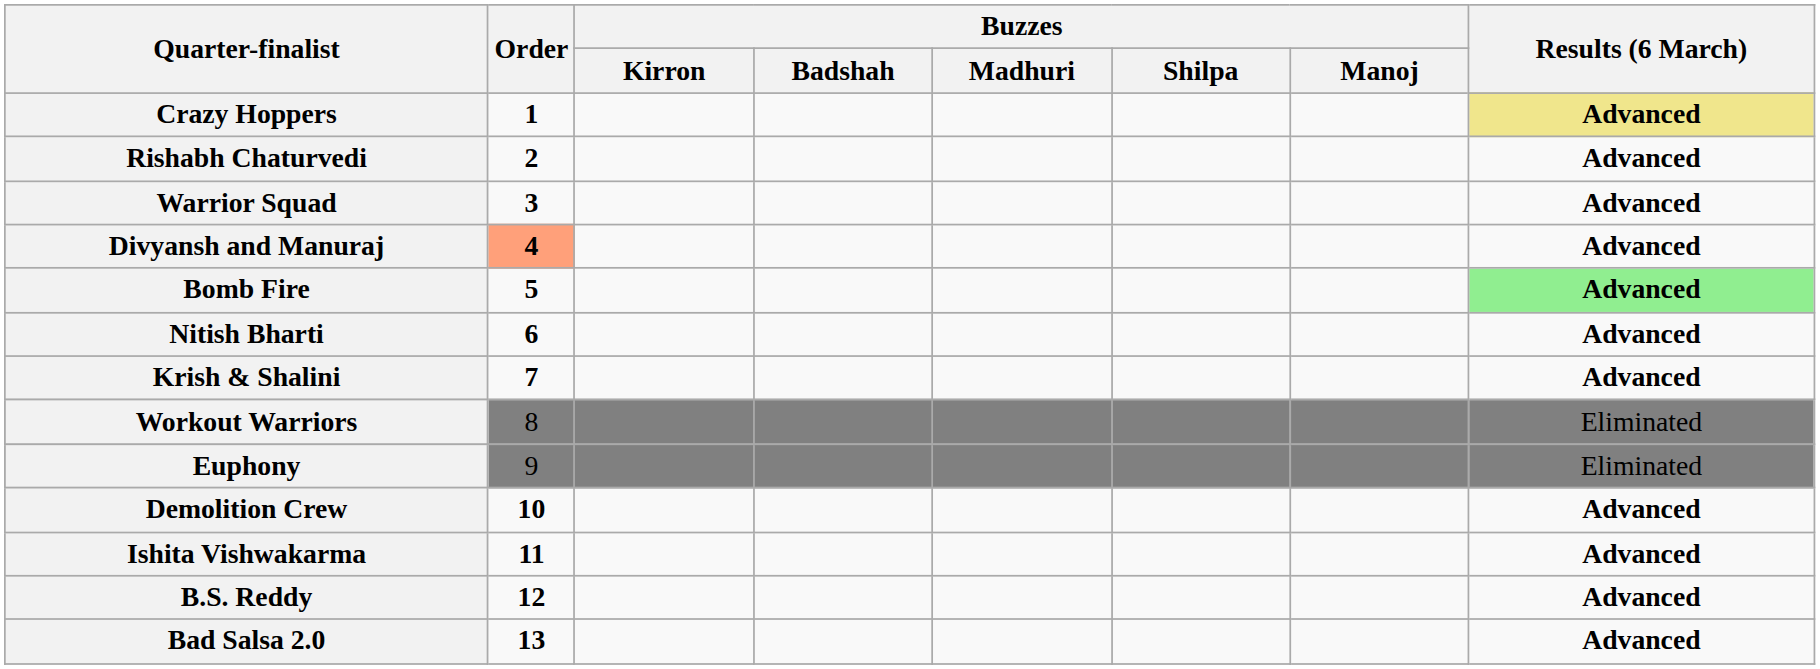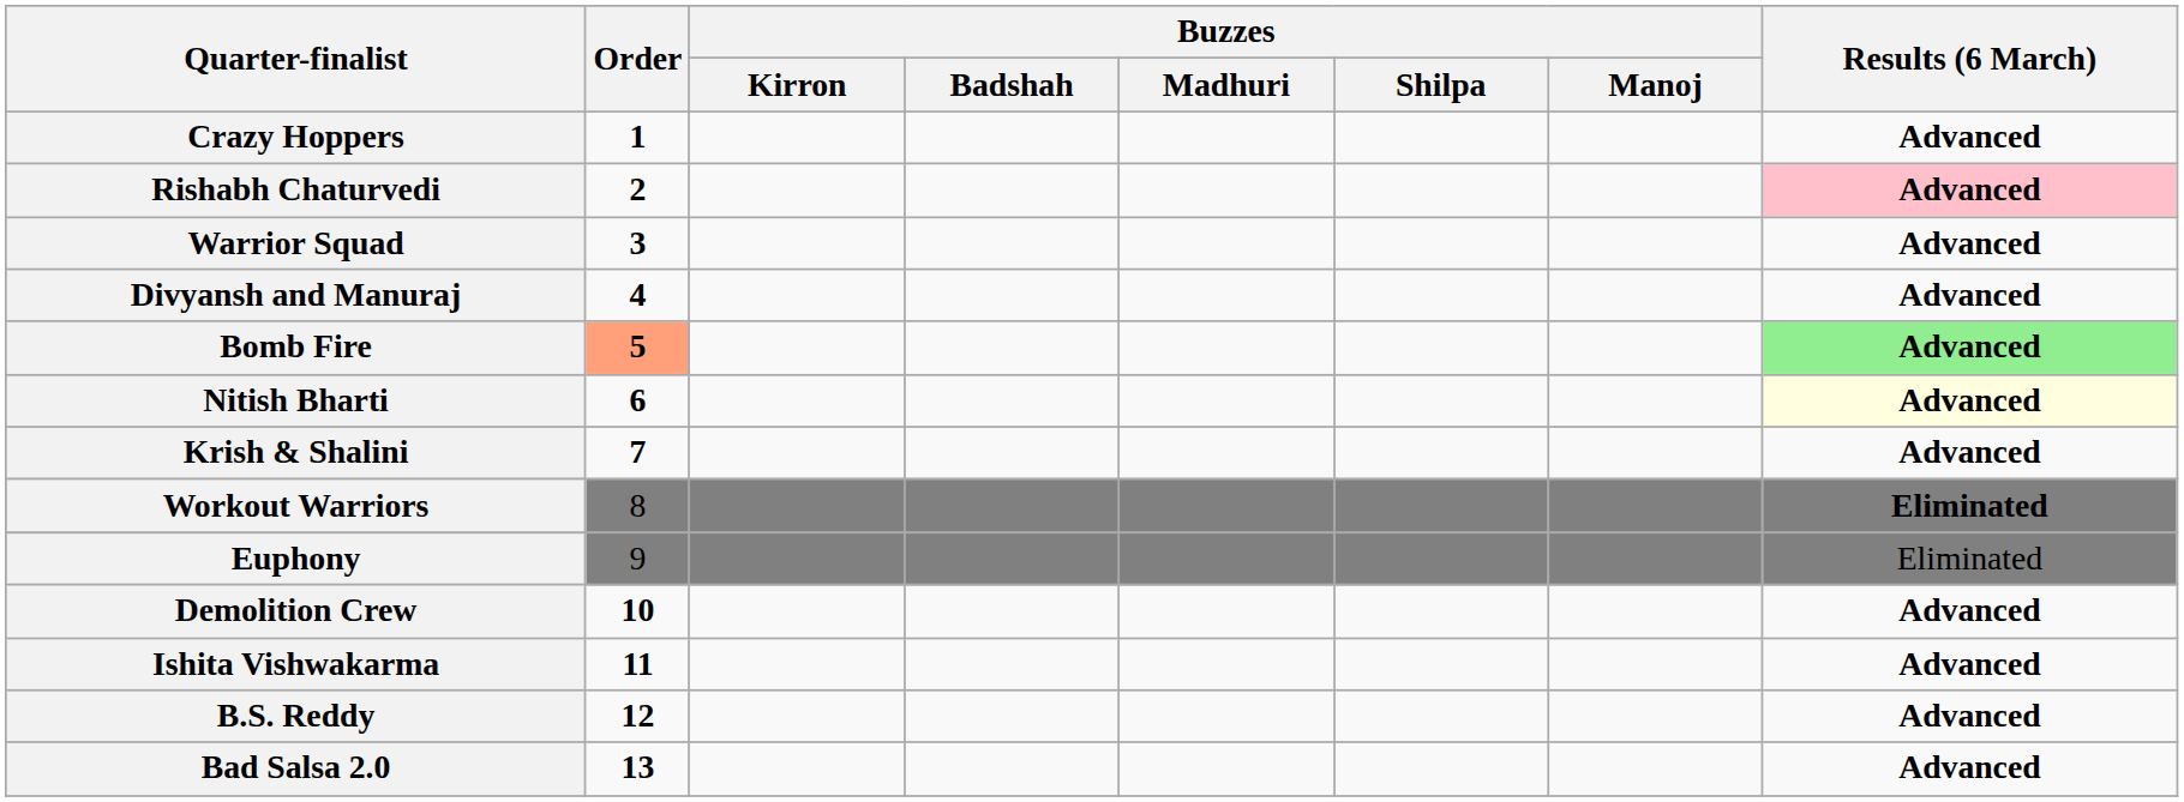 <table class="wikitable plainrowheaders sortable" style="text-align:center;">
 <tr>
 <th rowspan="2" class="unsortable" scope="col" style="width:17em;">Quarter-finalist</th>
 <th rowspan="2" scope="col" style="width:1em;">Order</th>
 <th colspan="5" class="unsortable" scope="col" style="width:24em;"><strong>Buzzes</strong></th>
 <th rowspan="2" class="sortable" scope="col" style="width:12em;">Results (6 March)</th>
 </tr>
 <tr>
 <th scope="col" class="unsortable" style="width:6em;">Kirron</th>
 <th scope="col" class="unsortable" style="width:6em;">Badshah</th>
 <th scope="col" class="unsortable" style="width:6em;">Madhuri</th>
 <th scope="col" class="unsortable" style="width:6em;">Shilpa</th>
 <th scope="col" class="unsortable" style="width:6em;">Manoj</th>
 </tr>
 <tr>
 <th scope="row"><strong>Crazy Hoppers</strong></th>
 <td><strong>1</strong></td>
 <td></td>
 <td></td>
 <td></td>
 <td></td>
 <td></td>
-<td style="background: khaki;"><strong>Advanced</strong></td>
+<td><strong>Advanced</strong></td>
 </tr>
 <tr>
 <th scope="row"><strong>Rishabh Chaturvedi</strong></th>
 <td><strong>2</strong></td>
 <td></td>
 <td></td>
 <td></td>
 <td></td>
 <td></td>
-<td><strong>Advanced</strong></td>
+<td style="background: pink;"><strong>Advanced</strong></td>
 </tr>
 <tr>
 <th scope="row"><strong>Warrior Squad</strong></th>
 <td><strong>3</strong></td>
 <td></td>
 <td></td>
 <td></td>
 <td></td>
 <td></td>
 <td><strong>Advanced</strong></td>
 </tr>
 <tr>
 <th scope="row"><strong>Divyansh and Manuraj</strong></th>
-<td style="background: lightsalmon;"><strong>4</strong></td>
+<td><strong>4</strong></td>
 <td></td>
 <td></td>
 <td></td>
 <td></td>
 <td></td>
 <td><strong>Advanced</strong></td>
 </tr>
 <tr>
 <th scope="row"><strong>Bomb Fire</strong></th>
-<td><strong>5</strong></td>
+<td style="background: lightsalmon;"><strong>5</strong></td>
 <td></td>
 <td></td>
 <td></td>
 <td></td>
 <td></td>
 <td style="background: lightgreen;"><strong>Advanced</strong></td>
 </tr>
 <tr>
 <th scope="row"><strong>Nitish Bharti</strong></th>
 <td><strong>6</strong></td>
 <td></td>
 <td></td>
 <td></td>
 <td></td>
 <td></td>
-<td><strong>Advanced</strong></td>
+<td style="background: lightyellow;"><strong>Advanced</strong></td>
 </tr>
 <tr>
 <th scope="row">Krish & Shalini </th>
 <td><strong>7</strong></td>
 <td></td>
 <td></td>
 <td></td>
 <td></td>
 <td></td>
 <td><strong>Advanced</strong></td>
 </tr>
 <tr style="background:grey;" |>
 <th scope="row">Workout Warriors</th>
 <td>8</td>
 <td></td>
 <td></td>
 <td></td>
 <td></td>
 <td></td>
-<td>Eliminated</td>
+<td><strong>Eliminated</strong></td>
 </tr>
 <tr style="background:grey;" |>
 <th scope="row">Euphony</th>
 <td>9</td>
 <td></td>
 <td></td>
 <td></td>
 <td></td>
 <td></td>
 <td>Eliminated</td>
 </tr>
 <tr>
 <th scope="row"><strong>Demolition Crew</strong></th>
 <td><strong>10</strong></td>
 <td></td>
 <td></td>
 <td></td>
 <td></td>
 <td></td>
 <td><strong>Advanced</strong></td>
 </tr>
 <tr>
 <th scope="row"><strong>Ishita Vishwakarma</strong></th>
 <td><strong>11</strong></td>
 <td></td>
 <td></td>
 <td></td>
 <td></td>
 <td></td>
 <td><strong>Advanced</strong></td>
 </tr>
 <tr>
 <th scope="row"><strong>B.S. Reddy</strong></th>
 <td><strong>12</strong></td>
 <td></td>
 <td></td>
 <td></td>
 <td></td>
 <td></td>
 <td><strong>Advanced</strong></td>
 </tr>
 <tr>
 <th scope="row"><strong>Bad Salsa 2.0</strong></th>
 <td><strong>13</strong></td>
 <td></td>
 <td></td>
 <td></td>
 <td></td>
 <td></td>
 <td><strong>Advanced</strong></td>
 </tr>
 </table>
